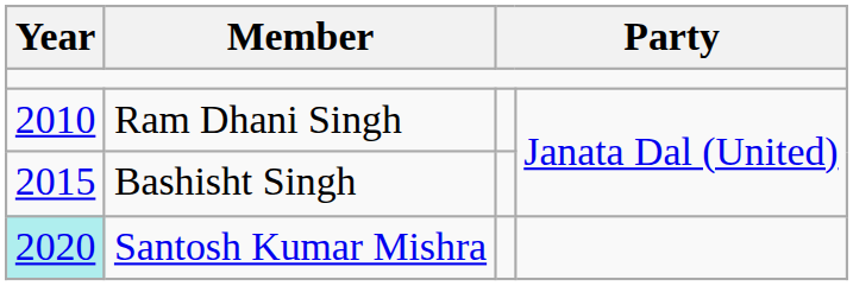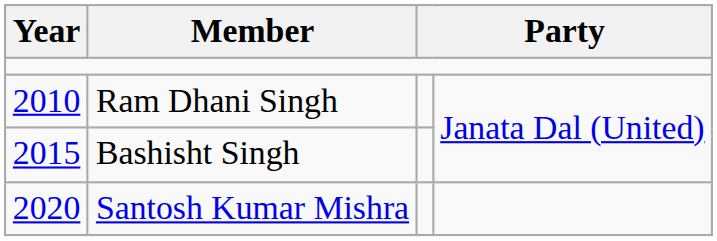 <table class="wikitable sortable">
 <tr>
 <th>Year</th>
 <th>Member</th>
 <th colspan="2">Party</th>
 </tr>
 <tr>
 <td colspan="4"></td>
 </tr>
 <tr>
 <td><a href='#'>2010</a></td>
 <td>Ram Dhani Singh</td>
 <td style="background-color: "></td>
 <td rowspan="2"><a href='#'>Janata Dal (United)</a></td>
 </tr>
 <tr>
 <td><a href='#'>2015</a></td>
 <td>Bashisht Singh</td>
 </tr>
 <tr>
-<td style="background: paleturquoise;"><a href='#'>2020</a></td>
+<td><a href='#'>2020</a></td>
 <td><a href='#'>Santosh Kumar Mishra</a></td>
 <td></td>
 </tr>
 </table>
